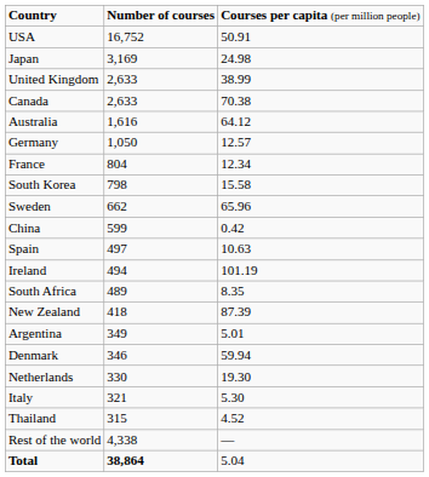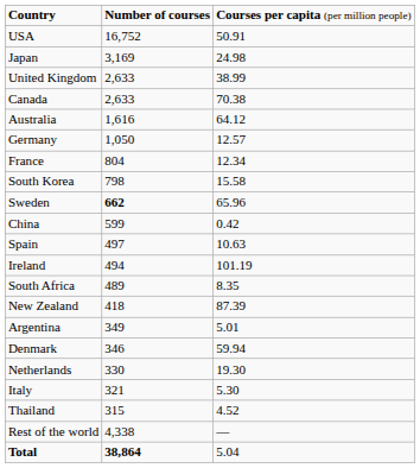 <table class="wikitable">
 <tr>
 <td scope="col"><strong>Country</strong></td>
 <td scope="col"><strong>Number of courses</strong></td>
 <td><strong>Courses per capita</strong> <small>(per million people)</small></td>
 </tr>
 <tr>
 <td scope="row">USA</td>
 <td>16,752</td>
 <td>50.91</td>
 </tr>
 <tr>
 <td scope="row">Japan</td>
 <td>3,169</td>
 <td>24.98</td>
 </tr>
 <tr>
 <td scope="row">United Kingdom</td>
 <td>2,633</td>
 <td>38.99</td>
 </tr>
 <tr>
 <td scope="row">Canada</td>
 <td>2,633</td>
 <td>70.38</td>
 </tr>
 <tr>
 <td scope="row">Australia</td>
 <td>1,616</td>
 <td>64.12</td>
 </tr>
 <tr>
 <td scope="row">Germany</td>
 <td>1,050</td>
 <td>12.57</td>
 </tr>
 <tr>
 <td scope="row">France</td>
 <td>804</td>
 <td>12.34</td>
 </tr>
 <tr>
 <td scope="row">South Korea</td>
 <td>798</td>
 <td>15.58</td>
 </tr>
 <tr>
 <td scope="row">Sweden</td>
-<td>662</td>
+<td><strong>662</strong></td>
 <td>65.96</td>
 </tr>
 <tr>
 <td scope="row">China</td>
 <td>599</td>
 <td>0.42</td>
 </tr>
 <tr>
 <td scope="row">Spain</td>
 <td>497</td>
 <td>10.63</td>
 </tr>
 <tr>
 <td scope="row">Ireland</td>
 <td>494</td>
 <td>101.19</td>
 </tr>
 <tr>
 <td scope="row">South Africa</td>
 <td>489</td>
 <td>8.35</td>
 </tr>
 <tr>
 <td scope="row">New Zealand</td>
 <td>418</td>
 <td>87.39</td>
 </tr>
 <tr>
 <td scope="row">Argentina</td>
 <td>349</td>
 <td>5.01</td>
 </tr>
 <tr>
 <td scope="row">Denmark</td>
 <td>346</td>
 <td>59.94</td>
 </tr>
 <tr>
 <td scope="row">Netherlands</td>
 <td>330</td>
 <td>19.30</td>
 </tr>
 <tr>
 <td scope="row">Italy</td>
 <td>321</td>
 <td>5.30</td>
 </tr>
 <tr>
 <td scope="row">Thailand</td>
 <td>315</td>
 <td>4.52</td>
 </tr>
 <tr>
 <td scope="row">Rest of the world</td>
 <td>4,338</td>
 <td>—</td>
 </tr>
 <tr>
 <td scope="row"><strong>Total</strong></td>
 <td><strong>38,864</strong></td>
 <td>5.04</td>
 </tr>
 </table>
